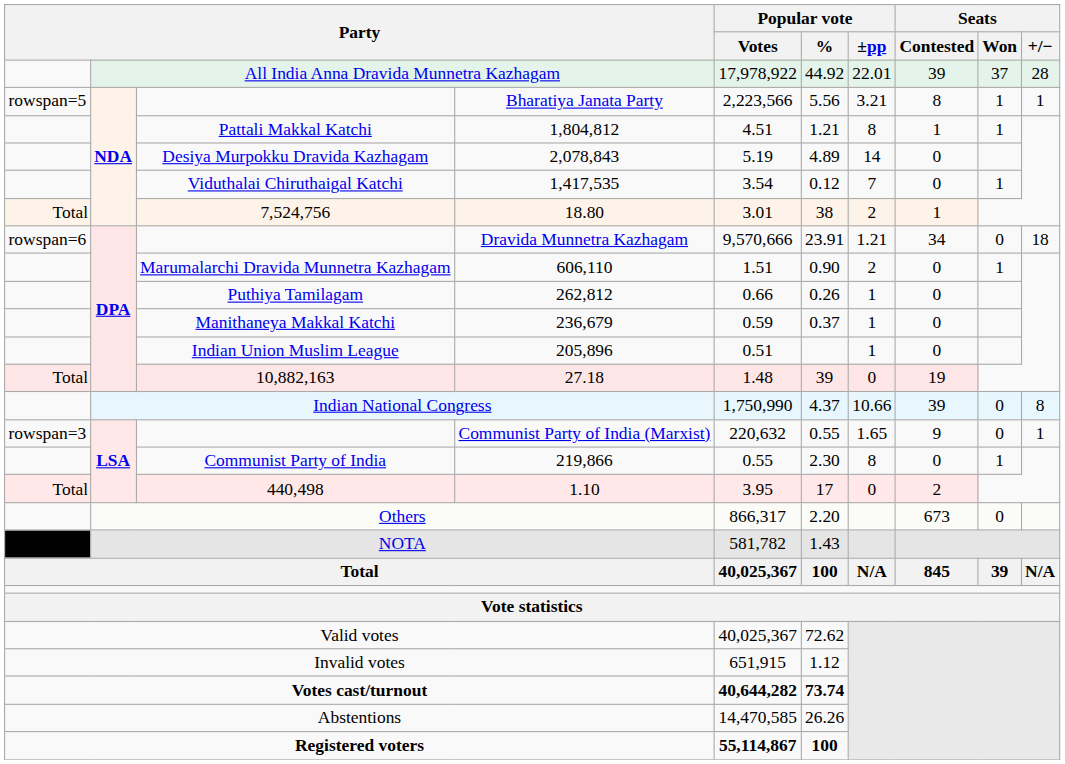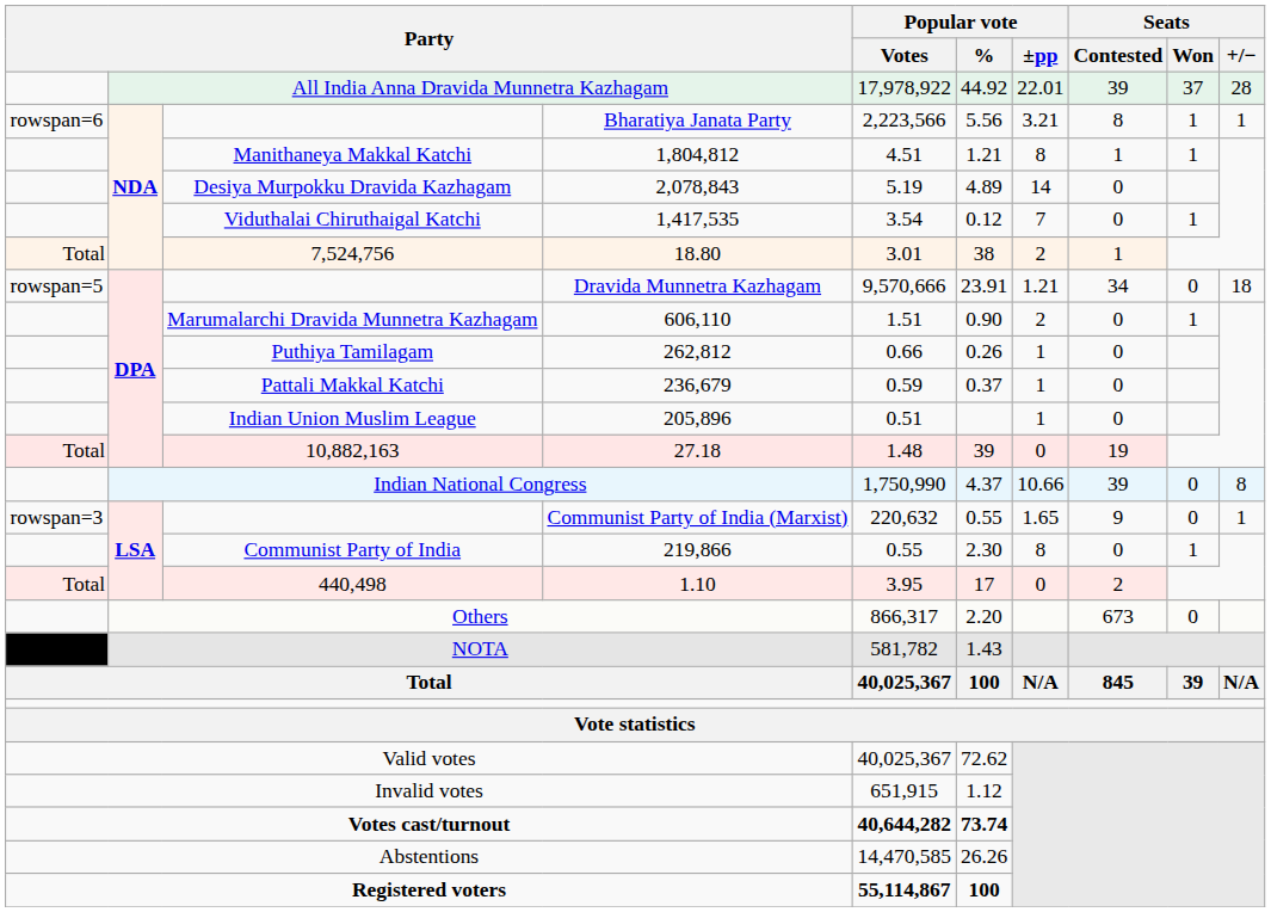 <table class="wikitable sortable" style="text-align:center;">
 <tr>
 <th colspan=4 rowspan=2>Party</th>
 <th colspan=3>Popular vote</th>
 <th colspan=3>Seats</th>
 </tr>
 <tr>
 <th>Votes</th>
 <th>%</th>
 <th>±<a href='#'>pp</a></th>
 <th>Contested</th>
 <th>Won</th>
 <th><strong>+/−</strong></th>
 </tr>
 <tr>
 <td></td>
 <td colspan=3 style="background:#E5F4EA"><a href='#'>All India Anna Dravida Munnetra Kazhagam</a></td>
 <td style="background:#E5F4EA">17,978,922</td>
 <td style="background:#E5F4EA">44.92</td>
 <td style="background:#E5F4EA"> 22.01</td>
 <td style="background:#E5F4EA">39</td>
 <td style="background:#E5F4EA">37</td>
 <td style="background:#E5F4EA"> 28</td>
 </tr>
 <tr>
-<td>rowspan=5 </td>
+<td>rowspan=6 </td>
 <th rowspan=5 style="background:#FEF3E8"><a href='#'>NDA</a></th>
 <td></td>
 <td><a href='#'>Bharatiya Janata Party</a></td>
 <td>2,223,566</td>
 <td>5.56</td>
 <td> 3.21</td>
 <td>8</td>
 <td>1</td>
 <td> 1</td>
 </tr>
 <tr>
 <td></td>
-<td><a href='#'>Pattali Makkal Katchi</a></td>
+<td><a href='#'>Manithaneya Makkal Katchi</a></td>
 <td>1,804,812</td>
 <td>4.51</td>
 <td> 1.21</td>
 <td>8</td>
 <td>1</td>
 <td> 1</td>
 </tr>
 <tr>
 <td></td>
 <td><a href='#'>Desiya Murpokku Dravida Kazhagam</a></td>
 <td>2,078,843</td>
 <td>5.19</td>
 <td> 4.89</td>
 <td>14</td>
 <td>0</td>
 <td></td>
 </tr>
 <tr>
 <td></td>
 <td><a href='#'>Viduthalai Chiruthaigal Katchi</a></td>
 <td>1,417,535</td>
 <td>3.54</td>
 <td> 0.12</td>
 <td>7</td>
 <td>0</td>
 <td> 1</td>
 </tr>
 <tr>
 <td colspan=2 style="background:#FEF3E8">Total</td>
 <td style="background:#FEF3E8">7,524,756</td>
 <td style="background:#FEF3E8">18.80</td>
 <td style="background:#FEF3E8"> 3.01</td>
 <td style="background:#FEF3E8">38</td>
 <td style="background:#FEF3E8">2</td>
 <td style="background:#FEF3E8"> 1</td>
 </tr>
 <tr>
-<td>rowspan=6 </td>
+<td>rowspan=5 </td>
 <th rowspan=6 style="background:#FFE6E6"><a href='#'>DPA</a></th>
 <td></td>
 <td><a href='#'>Dravida Munnetra Kazhagam</a></td>
 <td>9,570,666</td>
 <td>23.91</td>
 <td> 1.21</td>
 <td>34</td>
 <td>0</td>
 <td> 18</td>
 </tr>
 <tr>
 <td></td>
 <td><a href='#'>Marumalarchi Dravida Munnetra Kazhagam</a></td>
 <td>606,110</td>
 <td>1.51</td>
 <td> 0.90</td>
 <td>2</td>
 <td>0</td>
 <td> 1</td>
 </tr>
 <tr>
 <td></td>
 <td><a href='#'>Puthiya Tamilagam</a></td>
 <td>262,812</td>
 <td>0.66</td>
 <td> 0.26</td>
 <td>1</td>
 <td>0</td>
 <td></td>
 </tr>
 <tr>
 <td></td>
-<td><a href='#'>Manithaneya Makkal Katchi</a></td>
+<td><a href='#'>Pattali Makkal Katchi</a></td>
 <td>236,679</td>
 <td>0.59</td>
 <td> 0.37</td>
 <td>1</td>
 <td>0</td>
 <td></td>
 </tr>
 <tr>
 <td></td>
 <td><a href='#'>Indian Union Muslim League</a></td>
 <td>205,896</td>
 <td>0.51</td>
 <td></td>
 <td>1</td>
 <td>0</td>
 <td></td>
 </tr>
 <tr>
 <td colspan=2 style="background:#FFE6E6">Total</td>
 <td style="background:#FFE6E6">10,882,163</td>
 <td style="background:#FFE6E6">27.18</td>
 <td style="background:#FFE6E6"> 1.48</td>
 <td style="background:#FFE6E6">39</td>
 <td style="background:#FFE6E6">0</td>
 <td style="background:#FFE6E6"> 19</td>
 </tr>
 <tr>
 <td></td>
 <td colspan=3 style="background:#E8F6FD"><a href='#'>Indian National Congress</a></td>
 <td style="background:#E8F6FD">1,750,990</td>
 <td style="background:#E8F6FD">4.37</td>
 <td style="background:#E8F6FD"> 10.66</td>
 <td style="background:#E8F6FD">39</td>
 <td style="background:#E8F6FD">0</td>
 <td style="background:#E8F6FD"> 8</td>
 </tr>
 <tr>
 <td>rowspan=3 </td>
 <th rowspan=3 style="background:#FFE8E7"><a href='#'>LSA</a></th>
 <td></td>
 <td><a href='#'>Communist Party of India (Marxist)</a></td>
 <td>220,632</td>
 <td>0.55</td>
 <td> 1.65</td>
 <td>9</td>
 <td>0</td>
 <td> 1</td>
 </tr>
 <tr>
 <td></td>
 <td><a href='#'>Communist Party of India</a></td>
 <td>219,866</td>
 <td>0.55</td>
 <td> 2.30</td>
 <td>8</td>
 <td>0</td>
 <td> 1</td>
 </tr>
 <tr>
 <td colspan=2 style="background:#FFE8E7">Total</td>
 <td style="background:#FFE8E7">440,498</td>
 <td style="background:#FFE8E7">1.10</td>
 <td style="background:#FFE8E7"> 3.95</td>
 <td style="background:#FFE8E7">17</td>
 <td style="background:#FFE8E7">0</td>
 <td style="background:#FFE8E7"> 2</td>
 </tr>
 <tr>
 <td></td>
 <td colspan=3 style="background:#FBFBF8"><a href='#'>Others</a></td>
 <td style="background:#FBFBF8">866,317</td>
 <td style="background:#FBFBF8">2.20</td>
 <td style="background:#FBFBF8"></td>
 <td style="background:#FBFBF8">673</td>
 <td style="background:#FBFBF8">0</td>
 <td style="background:#FBFBF8"></td>
 </tr>
 <tr>
 <td bgcolor="black"></td>
 <td colspan=3 style="background:#E5E5E5"><a href='#'>NOTA</a></td>
 <td style="background:#E5E5E5">581,782</td>
 <td style="background:#E5E5E5">1.43</td>
 <td style="background:#E5E5E5"></td>
 <th colspan=3 style="background-color:#E5E5E5"></th>
 </tr>
 <tr>
 <th colspan=4>Total</th>
 <th>40,025,367</th>
 <th>100</th>
 <th>N/A</th>
 <th>845</th>
 <th>39</th>
 <th>N/A</th>
 </tr>
 <tr>
 <td colspan=10></td>
 </tr>
 <tr>
 <th colspan=10>Vote statistics</th>
 </tr>
 <tr>
 <td colspan=4>Valid votes</td>
 <td>40,025,367</td>
 <td>72.62</td>
 <th colspan=4 rowspan=5 style="background-color:#E9E9E9"></th>
 </tr>
 <tr>
 <td colspan=4>Invalid votes</td>
 <td>651,915</td>
 <td>1.12</td>
 </tr>
 <tr>
 <td colspan=4><strong>Votes cast/turnout</strong></td>
 <td><strong>40,644,282</strong></td>
 <td><strong>73.74</strong></td>
 </tr>
 <tr>
 <td colspan=4>Abstentions</td>
 <td>14,470,585</td>
 <td>26.26</td>
 </tr>
 <tr>
 <td colspan=4><strong>Registered voters</strong></td>
 <td><strong>55,114,867</strong></td>
 <td><strong>100</strong></td>
 </tr>
 </table>
